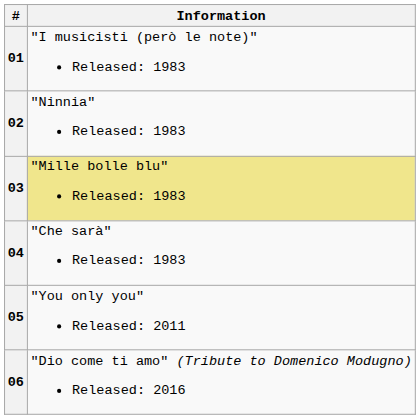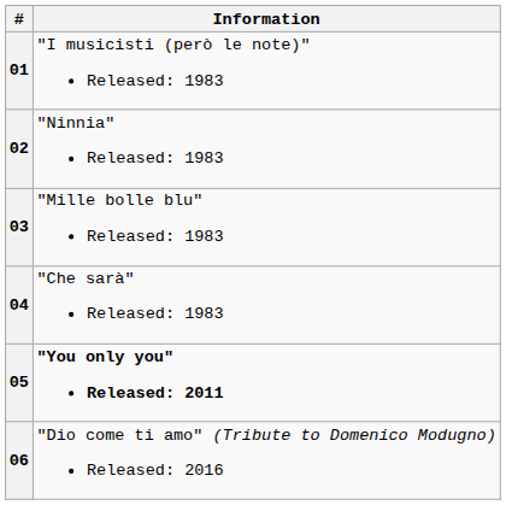 <table class="wikitable">
 <tr>
 <th align="left">#</th>
 <th align="left">Information</th>
 </tr>
 <tr>
 <th align="left">01</th>
 <td align="left">"I musicisti (però le note)"<br><ul><li>Released: 1983</li></ul></td>
 </tr>
 <tr>
 <th align="left">02</th>
 <td align="left">"Ninnia"<br><ul><li>Released: 1983</li></ul></td>
 </tr>
 <tr>
 <th align="left">03</th>
-<td align="left" style="background: khaki;">"Mille bolle blu"<br><ul><li>Released: 1983</li></ul></td>
+<td align="left">"Mille bolle blu"<br><ul><li>Released: 1983</li></ul></td>
 </tr>
 <tr>
 <th align="left">04</th>
 <td align="left">"Che sarà"<br><ul><li>Released: 1983</li></ul></td>
 </tr>
 <tr>
 <th align="left">05</th>
-<td align="left">"You only you"<br><ul><li>Released: 2011</li></ul></td>
+<td align="left"><strong>"You only you"<br><ul><li>Released: 2011</li></ul></strong></td>
 </tr>
 <tr>
 <th align="left">06</th>
 <td align="left">"Dio come ti amo" <em>(Tribute to Domenico Modugno)</em><br><ul><li>Released: 2016</li></ul></td>
 </tr>
 </table>
